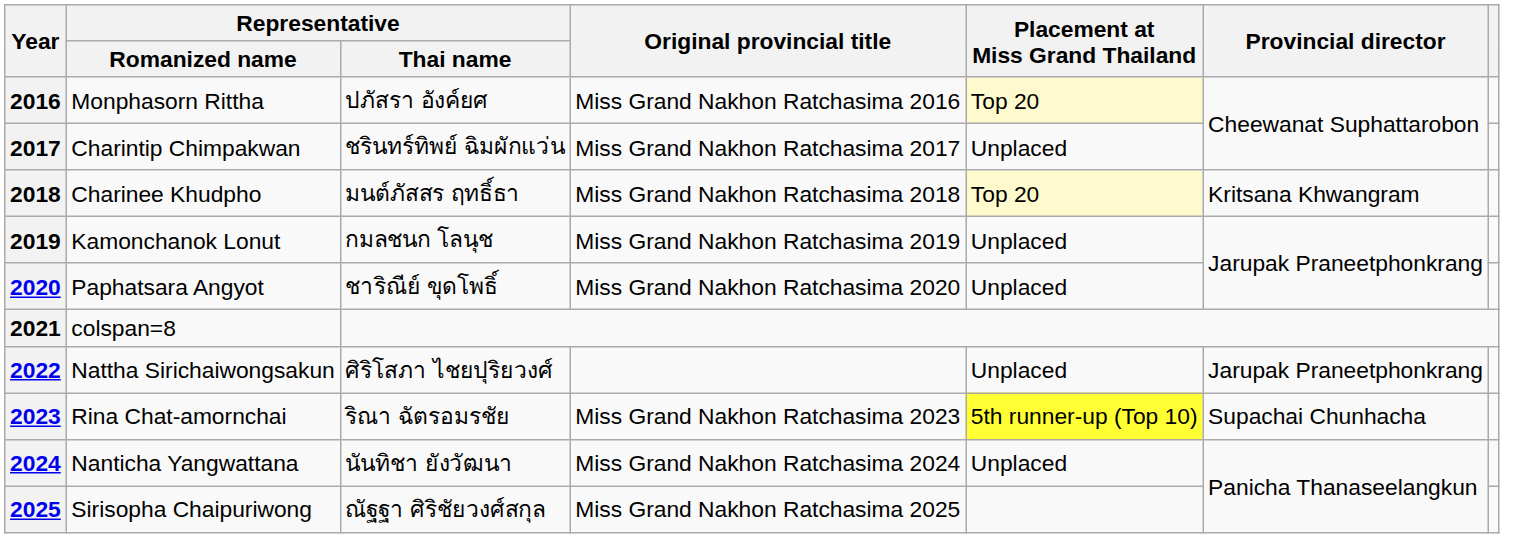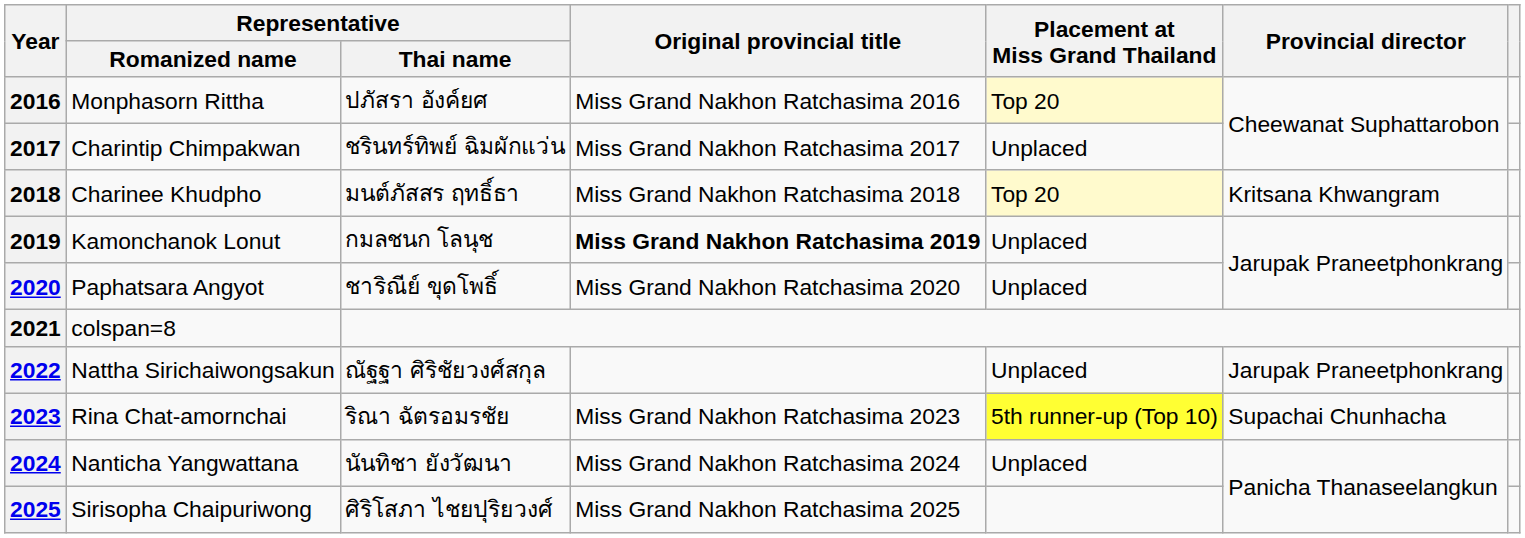 <table class="wikitable defaultcenter col2left col3left col6left" style="font-size:95%;">
 <tr>
 <th rowspan=2>Year</th>
 <th colspan=2>Representative</th>
 <th rowspan=2>Original provincial title</th>
 <th rowspan=2>Placement at<br>Miss Grand Thailand</th>
 <th rowspan=2>Provincial director</th>
 <th rowspan=2></th>
 </tr>
 <tr>
 <th>Romanized name</th>
 <th>Thai name</th>
 </tr>
 <tr>
 <th>2016</th>
 <td>Monphasorn Rittha</td>
 <td>ปภัสรา อังค์ยศ</td>
 <td>Miss Grand Nakhon Ratchasima 2016</td>
 <td bgcolor=#FFFACD>Top 20</td>
 <td rowspan=2>Cheewanat Suphattarobon</td>
 <td></td>
 </tr>
 <tr>
 <th>2017</th>
 <td>Charintip Chimpakwan</td>
 <td>ชรินทร์ทิพย์ ฉิมผักแว่น</td>
 <td>Miss Grand Nakhon Ratchasima 2017</td>
 <td>Unplaced</td>
 <td></td>
 </tr>
 <tr>
 <th>2018</th>
 <td>Charinee Khudpho</td>
 <td>มนต์ภัสสร ฤทธิ์ธา</td>
 <td>Miss Grand Nakhon Ratchasima 2018</td>
 <td bgcolor=#FFFACD>Top 20</td>
 <td>Kritsana Khwangram</td>
 <td></td>
 </tr>
 <tr>
 <th>2019</th>
 <td>Kamonchanok Lonut</td>
 <td>กมลชนก โลนุช</td>
-<td>Miss Grand Nakhon Ratchasima 2019</td>
+<td><strong>Miss Grand Nakhon Ratchasima 2019</strong></td>
 <td>Unplaced</td>
 <td rowspan=2>Jarupak Praneetphonkrang</td>
 <td></td>
 </tr>
 <tr>
 <th><a href='#'>2020</a></th>
 <td>Paphatsara Angyot</td>
 <td>ชาริณีย์ ขุดโพธิ์</td>
 <td>Miss Grand Nakhon Ratchasima 2020</td>
 <td>Unplaced</td>
 <td></td>
 </tr>
 <tr>
 <th>2021</th>
 <td>colspan=8 </td>
 </tr>
 <tr>
 <th><a href='#'>2022</a></th>
 <td>Nattha Sirichaiwongsakun</td>
-<td>ศิริโสภา ไชยปุริยวงศ์</td>
+<td>ณัฐฐา ศิริชัยวงศ์สกุล</td>
 <td></td>
 <td>Unplaced</td>
 <td>Jarupak Praneetphonkrang</td>
 <td></td>
 </tr>
 <tr>
 <th><a href='#'>2023</a></th>
 <td>Rina Chat-amornchai</td>
 <td>ริณา ฉัตรอมรชัย</td>
 <td>Miss Grand Nakhon Ratchasima 2023</td>
 <td bgcolor=#FFFF33>5th runner-up (Top 10)</td>
 <td>Supachai Chunhacha</td>
 <td></td>
 </tr>
 <tr>
 <th><a href='#'>2024</a></th>
 <td>Nanticha Yangwattana</td>
 <td>นันทิชา ยังวัฒนา</td>
 <td>Miss Grand Nakhon Ratchasima 2024</td>
 <td>Unplaced</td>
 <td rowspan=2>Panicha Thanaseelangkun</td>
 <td></td>
 </tr>
 <tr>
 <th><a href='#'>2025</a></th>
 <td>Sirisopha Chaipuriwong</td>
-<td>ณัฐฐา ศิริชัยวงศ์สกุล</td>
+<td>ศิริโสภา ไชยปุริยวงศ์</td>
 <td>Miss Grand Nakhon Ratchasima 2025</td>
 <td></td>
 <td></td>
 </tr>
 </table>
